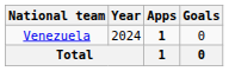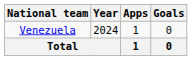 <table class="wikitable" style="text-align: center;">
 <tr>
 <th>National team</th>
 <th>Year</th>
 <th>Apps</th>
 <th>Goals</th>
 </tr>
 <tr>
 <td rowspan="1"><a href='#'>Venezuela</a></td>
 <td>2024</td>
-<td><strong>1</strong></td>
+<td>1</td>
 <td>0</td>
 </tr>
 <tr>
 <th colspan="2">Total</th>
 <th>1</th>
 <th>0</th>
 </tr>
 </table>
